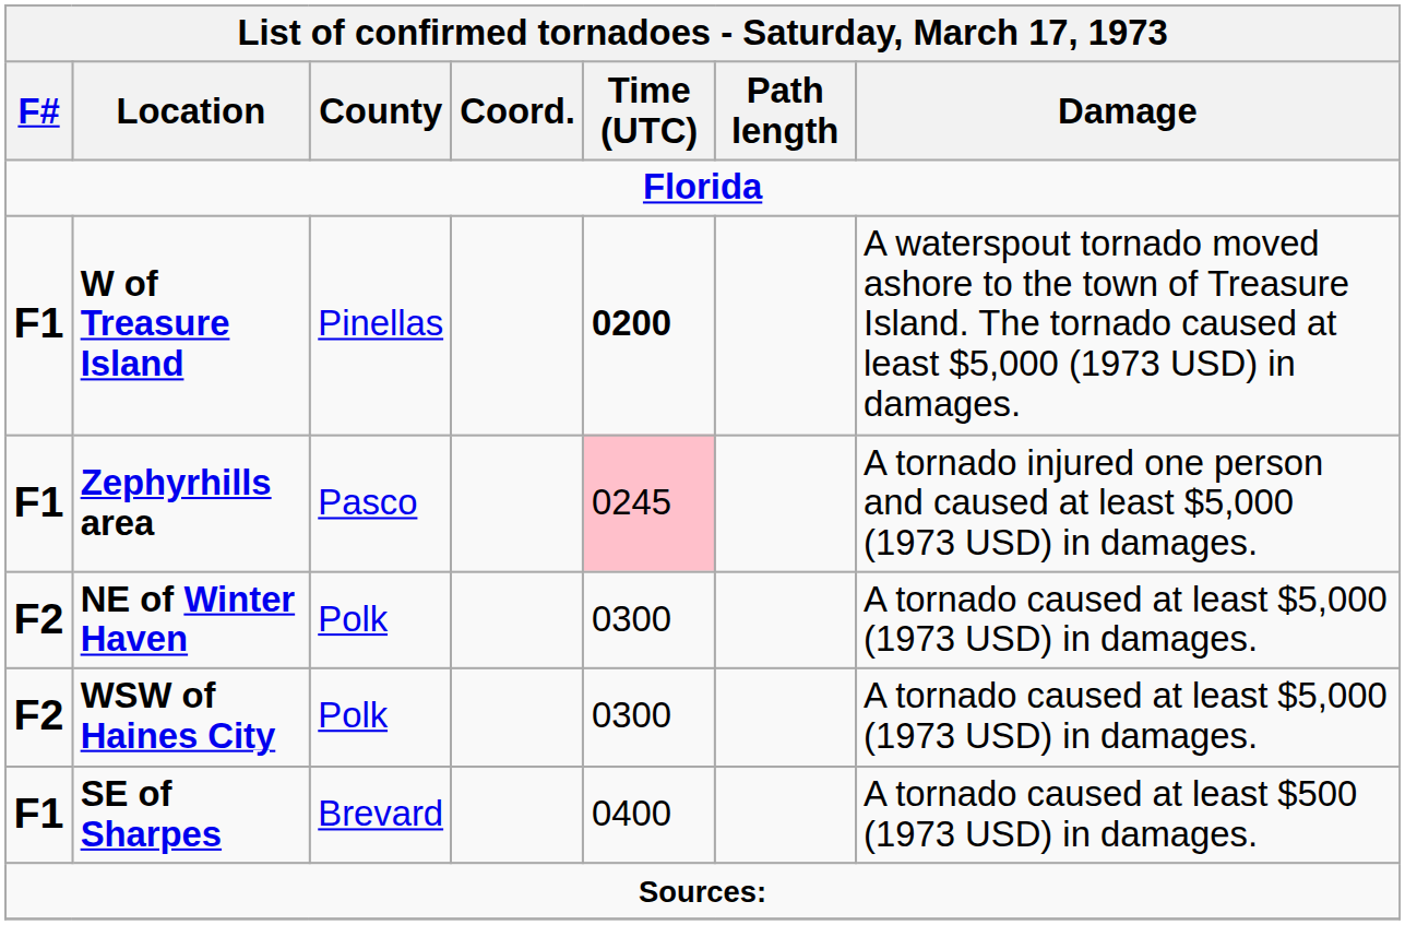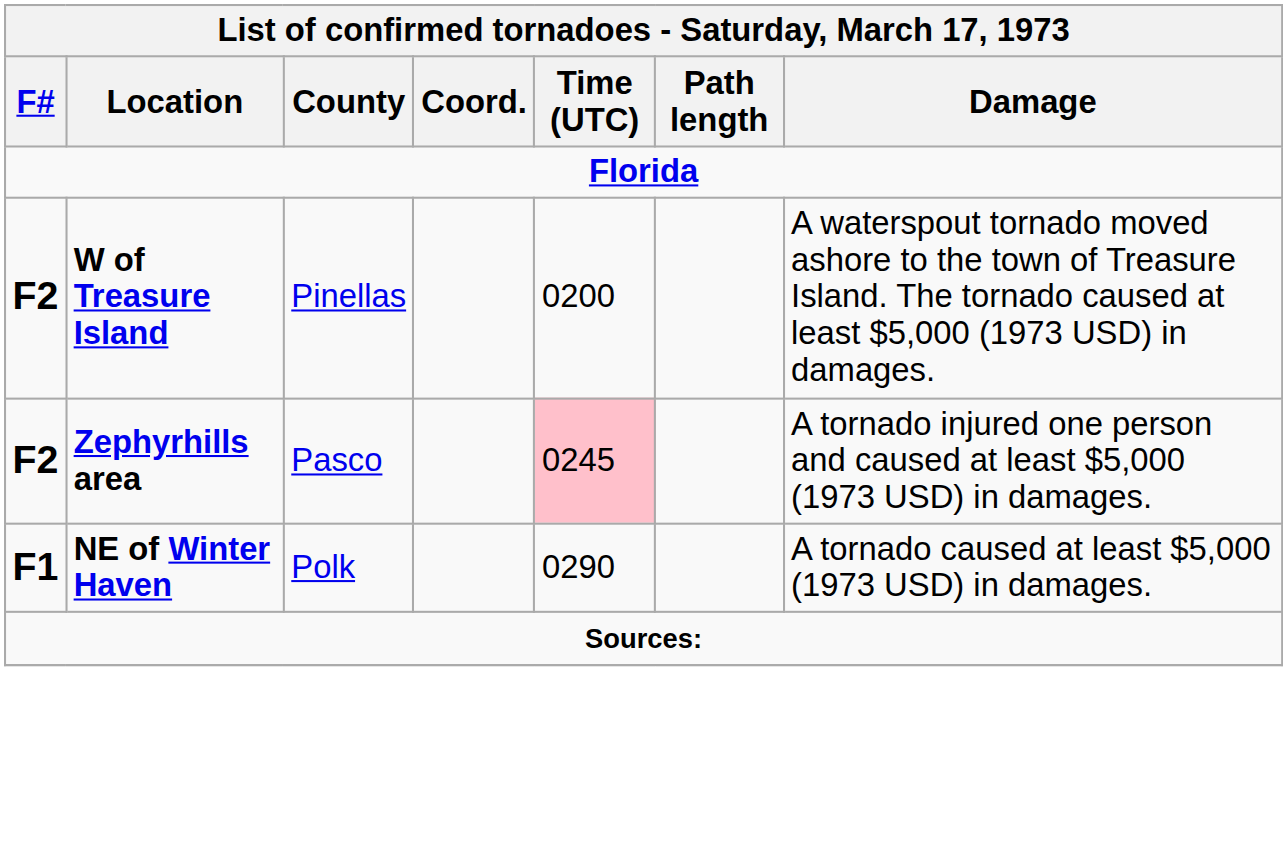 <table class="wikitable collapsible" width="100%">
 <tr>
 <th colspan="7">List of confirmed tornadoes - Saturday, March 17, 1973</th>
 </tr>
 <tr>
 <th><a href='#'>F#</a></th>
 <th>Location</th>
 <th>County</th>
 <th>Coord.</th>
 <th>Time (UTC)</th>
 <th>Path length</th>
 <th>Damage</th>
 </tr>
 <tr>
 <td colspan="7" align=center><strong><a href='#'>Florida</a></strong></td>
 </tr>
 <tr>
-<td><big><strong>F1</strong></big></td>
+<td><big><strong>F2</strong></big></td>
 <td><strong>W of <a href='#'>Treasure Island</a></strong></td>
 <td><a href='#'>Pinellas</a></td>
 <td></td>
-<td><strong>0200</strong></td>
+<td>0200</td>
 <td></td>
 <td>A waterspout tornado moved ashore to the town of Treasure Island. The tornado caused at least $5,000 (1973 USD) in damages.</td>
 </tr>
 <tr>
-<td><big><strong>F1</strong></big></td>
+<td><big><strong>F2</strong></big></td>
 <td><strong><a href='#'>Zephyrhills</a> area</strong></td>
 <td><a href='#'>Pasco</a></td>
 <td></td>
 <td style="background: pink;">0245</td>
 <td></td>
 <td>A tornado injured one person and caused at least $5,000 (1973 USD) in damages.</td>
 </tr>
 <tr>
-<td><big><strong>F2</strong></big></td>
+<td><big><strong>F1</strong></big></td>
 <td><strong>NE of <a href='#'>Winter Haven</a></strong></td>
 <td><a href='#'>Polk</a></td>
 <td></td>
-<td>0300</td>
+<td>0290</td>
 <td></td>
 <td>A tornado caused at least $5,000 (1973 USD) in damages.</td>
-</tr>
-<tr>
-<td><big><strong>F2</strong></big></td>
-<td><strong>WSW of <a href='#'>Haines City</a></strong></td>
-<td><a href='#'>Polk</a></td>
-<td></td>
-<td>0300</td>
-<td></td>
-<td>A tornado caused at least $5,000 (1973 USD) in damages.</td>
-</tr>
-<tr>
-<td><big><strong>F1</strong></big></td>
-<td><strong>SE of <a href='#'>Sharpes</a></strong></td>
-<td><a href='#'>Brevard</a></td>
-<td></td>
-<td>0400</td>
-<td></td>
-<td>A tornado caused at least $500 (1973 USD) in damages.</td>
 </tr>
 <tr>
 <td colspan="7" align=center><small><strong>Sources:</strong> </small></td>
 </tr>
 <tr>
 </tr>
 </table>
